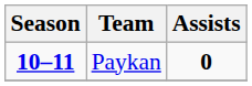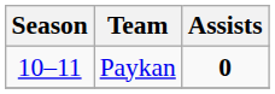 <table class="wikitable" style="text-align: center;">
 <tr>
 <th>Season</th>
 <th>Team</th>
 <th>Assists</th>
 </tr>
 <tr>
-<td><strong><a href='#'>10–11</a></strong></td>
+<td><a href='#'>10–11</a></td>
 <td align="left"><a href='#'>Paykan</a></td>
 <td><strong>0</strong></td>
 </tr>
 <tr>
 </tr>
 </table>
